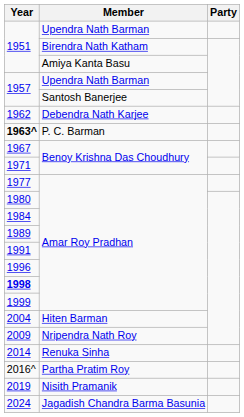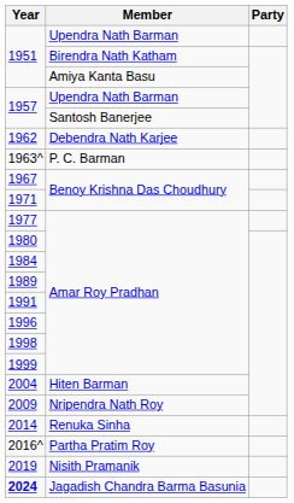 <table class="wikitable">
 <tr>
 <th>Year</th>
 <th>Member</th>
 <th colspan="2">Party</th>
 </tr>
 <tr>
 <td rowspan="3"><a href='#'>1951</a></td>
 <td><a href='#'>Upendra Nath Barman</a></td>
 <td></td>
 </tr>
 <tr>
 <td><a href='#'>Birendra Nath Katham</a></td>
 </tr>
 <tr>
 <td>Amiya Kanta Basu</td>
 </tr>
 <tr>
 <td rowspan="2"><a href='#'>1957</a></td>
 <td><a href='#'>Upendra Nath Barman</a></td>
 </tr>
 <tr>
 <td>Santosh Banerjee</td>
 </tr>
 <tr>
 <td><a href='#'>1962</a></td>
 <td><a href='#'>Debendra Nath Karjee</a></td>
 <td></td>
 </tr>
 <tr>
-<td><strong>1963^</strong></td>
+<td>1963^</td>
 <td>P. C. Barman</td>
 <td></td>
 </tr>
 <tr>
 <td><a href='#'>1967</a></td>
 <td rowspan="2"><a href='#'>Benoy Krishna Das Choudhury</a></td>
 <td></td>
 </tr>
 <tr>
 <td><a href='#'>1971</a></td>
 <td></td>
 </tr>
 <tr>
 <td><a href='#'>1977</a></td>
 <td rowspan="8"><a href='#'>Amar Roy Pradhan</a></td>
 <td></td>
 </tr>
 <tr>
 <td><a href='#'>1980</a></td>
 </tr>
 <tr>
 <td><a href='#'>1984</a></td>
 </tr>
 <tr>
 <td><a href='#'>1989</a></td>
 </tr>
 <tr>
 <td><a href='#'>1991</a></td>
 </tr>
 <tr>
 <td><a href='#'>1996</a></td>
 </tr>
 <tr>
-<td><strong><a href='#'>1998</a></strong></td>
+<td><a href='#'>1998</a></td>
 </tr>
 <tr>
 <td><a href='#'>1999</a></td>
 </tr>
 <tr>
 <td><a href='#'>2004</a></td>
 <td><a href='#'>Hiten Barman</a></td>
 </tr>
 <tr>
 <td><a href='#'>2009</a></td>
 <td><a href='#'>Nripendra Nath Roy</a></td>
 </tr>
 <tr>
 <td><a href='#'>2014</a></td>
 <td><a href='#'>Renuka Sinha</a></td>
 <td></td>
 </tr>
 <tr>
 <td>2016^</td>
 <td><a href='#'>Partha Pratim Roy</a></td>
 </tr>
 <tr>
 <td><a href='#'>2019</a></td>
 <td><a href='#'>Nisith Pramanik</a></td>
 <td></td>
 </tr>
 <tr>
-<td><a href='#'>2024</a></td>
+<td><strong><a href='#'>2024</a></strong></td>
 <td><a href='#'>Jagadish Chandra Barma Basunia</a></td>
 <td></td>
 </tr>
 </table>
